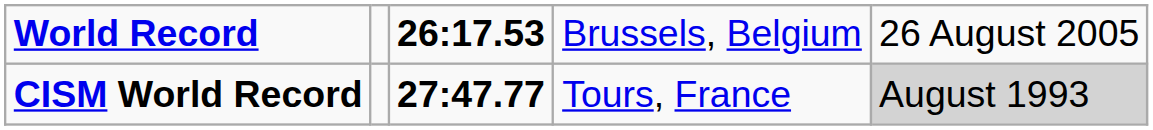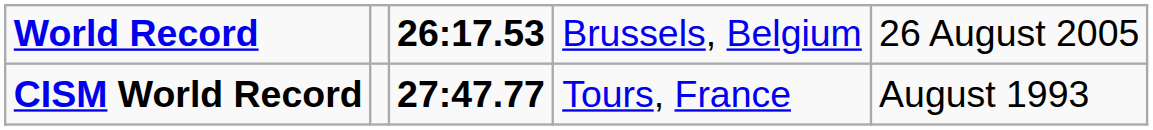 <table class="wikitable">
 <tr>
 <td><strong><a href='#'>World Record</a></strong></td>
 <td></td>
 <td><strong>26:17.53</strong></td>
 <td><a href='#'>Brussels</a>, <a href='#'>Belgium</a></td>
 <td>26 August 2005</td>
 </tr>
 <tr>
 <td><strong><a href='#'>CISM</a> World Record</strong></td>
 <td></td>
 <td><strong>27:47.77</strong></td>
 <td><a href='#'>Tours</a>, <a href='#'>France</a></td>
-<td style="background: lightgrey;">August 1993</td>
+<td>August 1993</td>
 </tr>
 </table>
